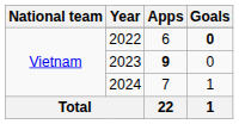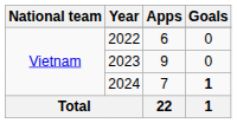 <table class="wikitable" style="text-align:center">
 <tr>
 <th>National team</th>
 <th>Year</th>
 <th>Apps</th>
 <th>Goals</th>
 </tr>
 <tr>
 <td rowspan="4"><a href='#'>Vietnam</a></td>
 </tr>
 <tr>
 <td>2022</td>
 <td>6</td>
-<td><strong>0</strong></td>
+<td>0</td>
 </tr>
 <tr>
 <td>2023</td>
-<td><strong>9</strong></td>
+<td>9</td>
 <td>0</td>
 </tr>
 <tr>
 <td>2024</td>
 <td>7</td>
-<td>1</td>
+<td><strong>1</strong></td>
 </tr>
 <tr>
 <th colspan="2">Total</th>
 <th>22</th>
 <th>1</th>
 </tr>
 </table>
